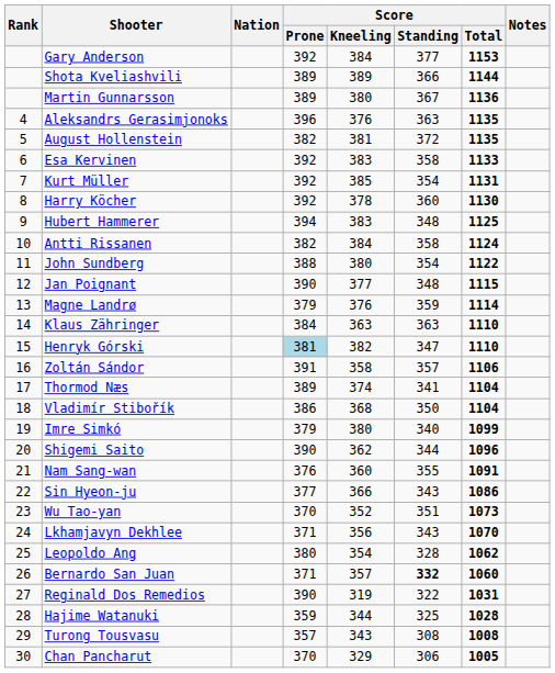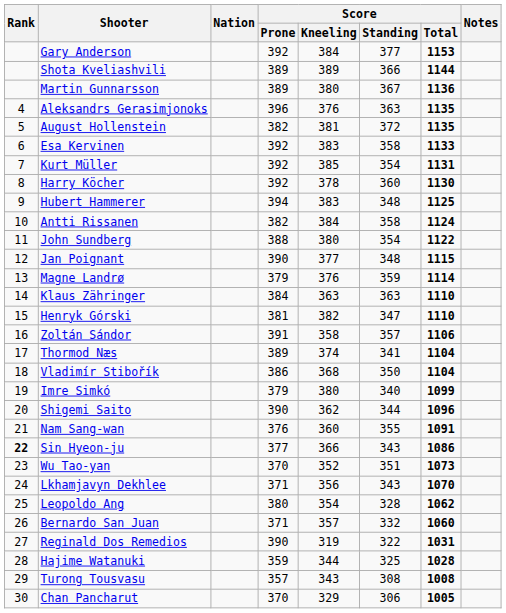 <table class="wikitable sortable" style="text-align:center">
 <tr>
 <th rowspan=2>Rank</th>
 <th rowspan=2>Shooter</th>
 <th rowspan=2>Nation</th>
 <th colspan=4>Score</th>
 <th rowspan=2>Notes</th>
 </tr>
 <tr>
 <th>Prone</th>
 <th>Kneeling</th>
 <th>Standing</th>
 <th>Total</th>
 </tr>
 <tr>
 <td></td>
 <td align=left><a href='#'>Gary Anderson</a></td>
 <td align=left></td>
 <td>392</td>
 <td>384</td>
 <td>377</td>
 <td><strong>1153</strong></td>
 <td><strong></strong></td>
 </tr>
 <tr>
 <td></td>
 <td align=left><a href='#'>Shota Kveliashvili</a></td>
 <td align=left></td>
 <td>389</td>
 <td>389</td>
 <td>366</td>
 <td><strong>1144</strong></td>
 <td></td>
 </tr>
 <tr>
 <td></td>
 <td align=left><a href='#'>Martin Gunnarsson</a></td>
 <td align=left></td>
 <td>389</td>
 <td>380</td>
 <td>367</td>
 <td><strong>1136</strong></td>
 <td></td>
 </tr>
 <tr>
 <td>4</td>
 <td align=left><a href='#'>Aleksandrs Gerasimjonoks</a></td>
 <td align=left></td>
 <td>396</td>
 <td>376</td>
 <td>363</td>
 <td><strong>1135</strong></td>
 <td></td>
 </tr>
 <tr>
 <td>5</td>
 <td align=left><a href='#'>August Hollenstein</a></td>
 <td align=left></td>
 <td>382</td>
 <td>381</td>
 <td>372</td>
 <td><strong>1135</strong></td>
 <td></td>
 </tr>
 <tr>
 <td>6</td>
 <td align=left><a href='#'>Esa Kervinen</a></td>
 <td align=left></td>
 <td>392</td>
 <td>383</td>
 <td>358</td>
 <td><strong>1133</strong></td>
 <td></td>
 </tr>
 <tr>
 <td>7</td>
 <td align=left><a href='#'>Kurt Müller</a></td>
 <td align=left></td>
 <td>392</td>
 <td>385</td>
 <td>354</td>
 <td><strong>1131</strong></td>
 <td></td>
 </tr>
 <tr>
 <td>8</td>
 <td align=left><a href='#'>Harry Köcher</a></td>
 <td align=left></td>
 <td>392</td>
 <td>378</td>
 <td>360</td>
 <td><strong>1130</strong></td>
 <td></td>
 </tr>
 <tr>
 <td>9</td>
 <td align=left><a href='#'>Hubert Hammerer</a></td>
 <td align=left></td>
 <td>394</td>
 <td>383</td>
 <td>348</td>
 <td><strong>1125</strong></td>
 <td></td>
 </tr>
 <tr>
 <td>10</td>
 <td align=left><a href='#'>Antti Rissanen</a></td>
 <td align=left></td>
 <td>382</td>
 <td>384</td>
 <td>358</td>
 <td><strong>1124</strong></td>
 <td></td>
 </tr>
 <tr>
 <td>11</td>
 <td align=left><a href='#'>John Sundberg</a></td>
 <td align=left></td>
 <td>388</td>
 <td>380</td>
 <td>354</td>
 <td><strong>1122</strong></td>
 <td></td>
 </tr>
 <tr>
 <td>12</td>
 <td align=left><a href='#'>Jan Poignant</a></td>
 <td align=left></td>
 <td>390</td>
 <td>377</td>
 <td>348</td>
 <td><strong>1115</strong></td>
 <td></td>
 </tr>
 <tr>
 <td>13</td>
 <td align=left><a href='#'>Magne Landrø</a></td>
 <td align=left></td>
 <td>379</td>
 <td>376</td>
 <td>359</td>
 <td><strong>1114</strong></td>
 <td></td>
 </tr>
 <tr>
 <td>14</td>
 <td align=left><a href='#'>Klaus Zähringer</a></td>
 <td align=left></td>
 <td>384</td>
 <td>363</td>
 <td>363</td>
 <td><strong>1110</strong></td>
 <td></td>
 </tr>
 <tr>
 <td>15</td>
 <td align=left><a href='#'>Henryk Górski</a></td>
 <td align=left></td>
-<td style="background: lightblue;">381</td>
+<td>381</td>
 <td>382</td>
 <td>347</td>
 <td><strong>1110</strong></td>
 <td></td>
 </tr>
 <tr>
 <td>16</td>
 <td align=left><a href='#'>Zoltán Sándor</a></td>
 <td align=left></td>
 <td>391</td>
 <td>358</td>
 <td>357</td>
 <td><strong>1106</strong></td>
 <td></td>
 </tr>
 <tr>
 <td>17</td>
 <td align=left><a href='#'>Thormod Næs</a></td>
 <td align=left></td>
 <td>389</td>
 <td>374</td>
 <td>341</td>
 <td><strong>1104</strong></td>
 <td></td>
 </tr>
 <tr>
 <td>18</td>
 <td align=left><a href='#'>Vladimír Stibořík</a></td>
 <td align=left></td>
 <td>386</td>
 <td>368</td>
 <td>350</td>
 <td><strong>1104</strong></td>
 <td></td>
 </tr>
 <tr>
 <td>19</td>
 <td align=left><a href='#'>Imre Simkó</a></td>
 <td align=left></td>
 <td>379</td>
 <td>380</td>
 <td>340</td>
 <td><strong>1099</strong></td>
 <td></td>
 </tr>
 <tr>
 <td>20</td>
 <td align=left><a href='#'>Shigemi Saito</a></td>
 <td align=left></td>
 <td>390</td>
 <td>362</td>
 <td>344</td>
 <td><strong>1096</strong></td>
 <td></td>
 </tr>
 <tr>
 <td>21</td>
 <td align=left><a href='#'>Nam Sang-wan</a></td>
 <td align=left></td>
 <td>376</td>
 <td>360</td>
 <td>355</td>
 <td><strong>1091</strong></td>
 <td></td>
 </tr>
 <tr>
-<td>22</td>
+<td><strong>22</strong></td>
 <td align=left><a href='#'>Sin Hyeon-ju</a></td>
 <td align=left></td>
 <td>377</td>
 <td>366</td>
 <td>343</td>
 <td><strong>1086</strong></td>
 <td></td>
 </tr>
 <tr>
 <td>23</td>
 <td align=left><a href='#'>Wu Tao-yan</a></td>
 <td align=left></td>
 <td>370</td>
 <td>352</td>
 <td>351</td>
 <td><strong>1073</strong></td>
 <td></td>
 </tr>
 <tr>
 <td>24</td>
 <td align=left><a href='#'>Lkhamjavyn Dekhlee</a></td>
 <td align=left></td>
 <td>371</td>
 <td>356</td>
 <td>343</td>
 <td><strong>1070</strong></td>
 <td></td>
 </tr>
 <tr>
 <td>25</td>
 <td align=left><a href='#'>Leopoldo Ang</a></td>
 <td align=left></td>
 <td>380</td>
 <td>354</td>
 <td>328</td>
 <td><strong>1062</strong></td>
 <td></td>
 </tr>
 <tr>
 <td>26</td>
 <td align=left><a href='#'>Bernardo San Juan</a></td>
 <td align=left></td>
 <td>371</td>
 <td>357</td>
-<td><strong>332</strong></td>
+<td>332</td>
 <td><strong>1060</strong></td>
 <td></td>
 </tr>
 <tr>
 <td>27</td>
 <td align=left><a href='#'>Reginald Dos Remedios</a></td>
 <td align=left></td>
 <td>390</td>
 <td>319</td>
 <td>322</td>
 <td><strong>1031</strong></td>
 <td></td>
 </tr>
 <tr>
 <td>28</td>
 <td align=left><a href='#'>Hajime Watanuki</a></td>
 <td align=left></td>
 <td>359</td>
 <td>344</td>
 <td>325</td>
 <td><strong>1028</strong></td>
 <td></td>
 </tr>
 <tr>
 <td>29</td>
 <td align=left><a href='#'>Turong Tousvasu</a></td>
 <td align=left></td>
 <td>357</td>
 <td>343</td>
 <td>308</td>
 <td><strong>1008</strong></td>
 <td></td>
 </tr>
 <tr>
 <td>30</td>
 <td align=left><a href='#'>Chan Pancharut</a></td>
 <td align=left></td>
 <td>370</td>
 <td>329</td>
 <td>306</td>
 <td><strong>1005</strong></td>
 <td></td>
 </tr>
 </table>
